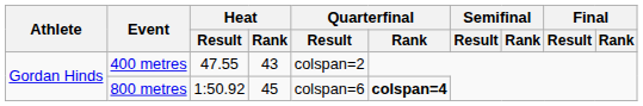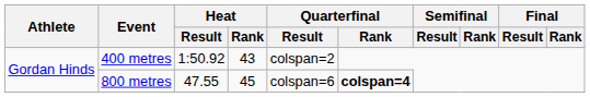 <table class=wikitable style=font-size:90%>
 <tr>
 <th rowspan=2>Athlete</th>
 <th rowspan=2>Event</th>
 <th colspan=2>Heat</th>
 <th colspan=2>Quarterfinal</th>
 <th colspan=2>Semifinal</th>
 <th colspan=2>Final</th>
 </tr>
 <tr style=font-size:95%>
 <th>Result</th>
 <th>Rank</th>
 <th>Result</th>
 <th>Rank</th>
 <th>Result</th>
 <th>Rank</th>
 <th>Result</th>
 <th>Rank</th>
 </tr>
 <tr align=center>
 <td align=left rowspan=2><a href='#'>Gordan Hinds</a></td>
 <td align=left><a href='#'>400 metres</a></td>
-<td>47.55</td>
+<td>1:50.92</td>
 <td>43</td>
 <td>colspan=2 </td>
 </tr>
 <tr align=center>
 <td align=left><a href='#'>800 metres</a></td>
-<td>1:50.92</td>
+<td>47.55</td>
 <td>45</td>
 <td>colspan=6 </td>
 <td><strong>colspan=4 </strong></td>
 </tr>
 </table>
